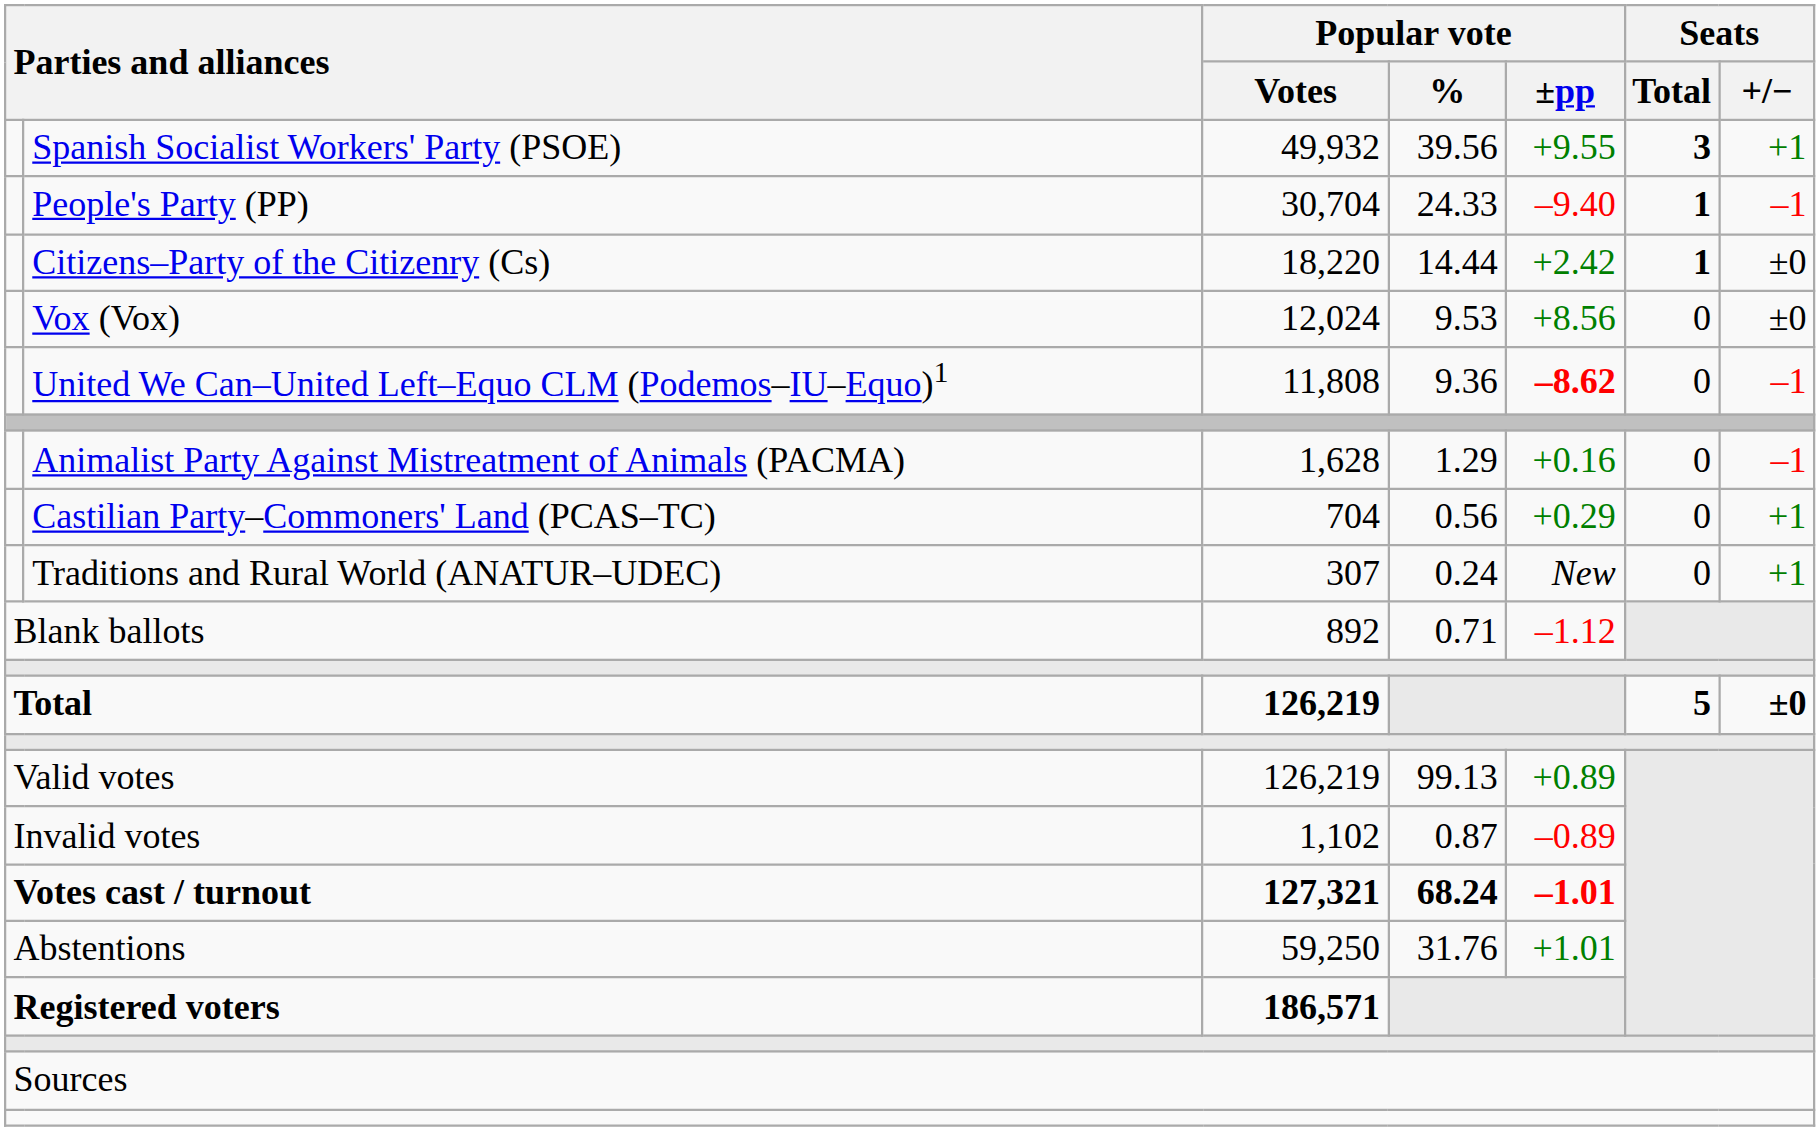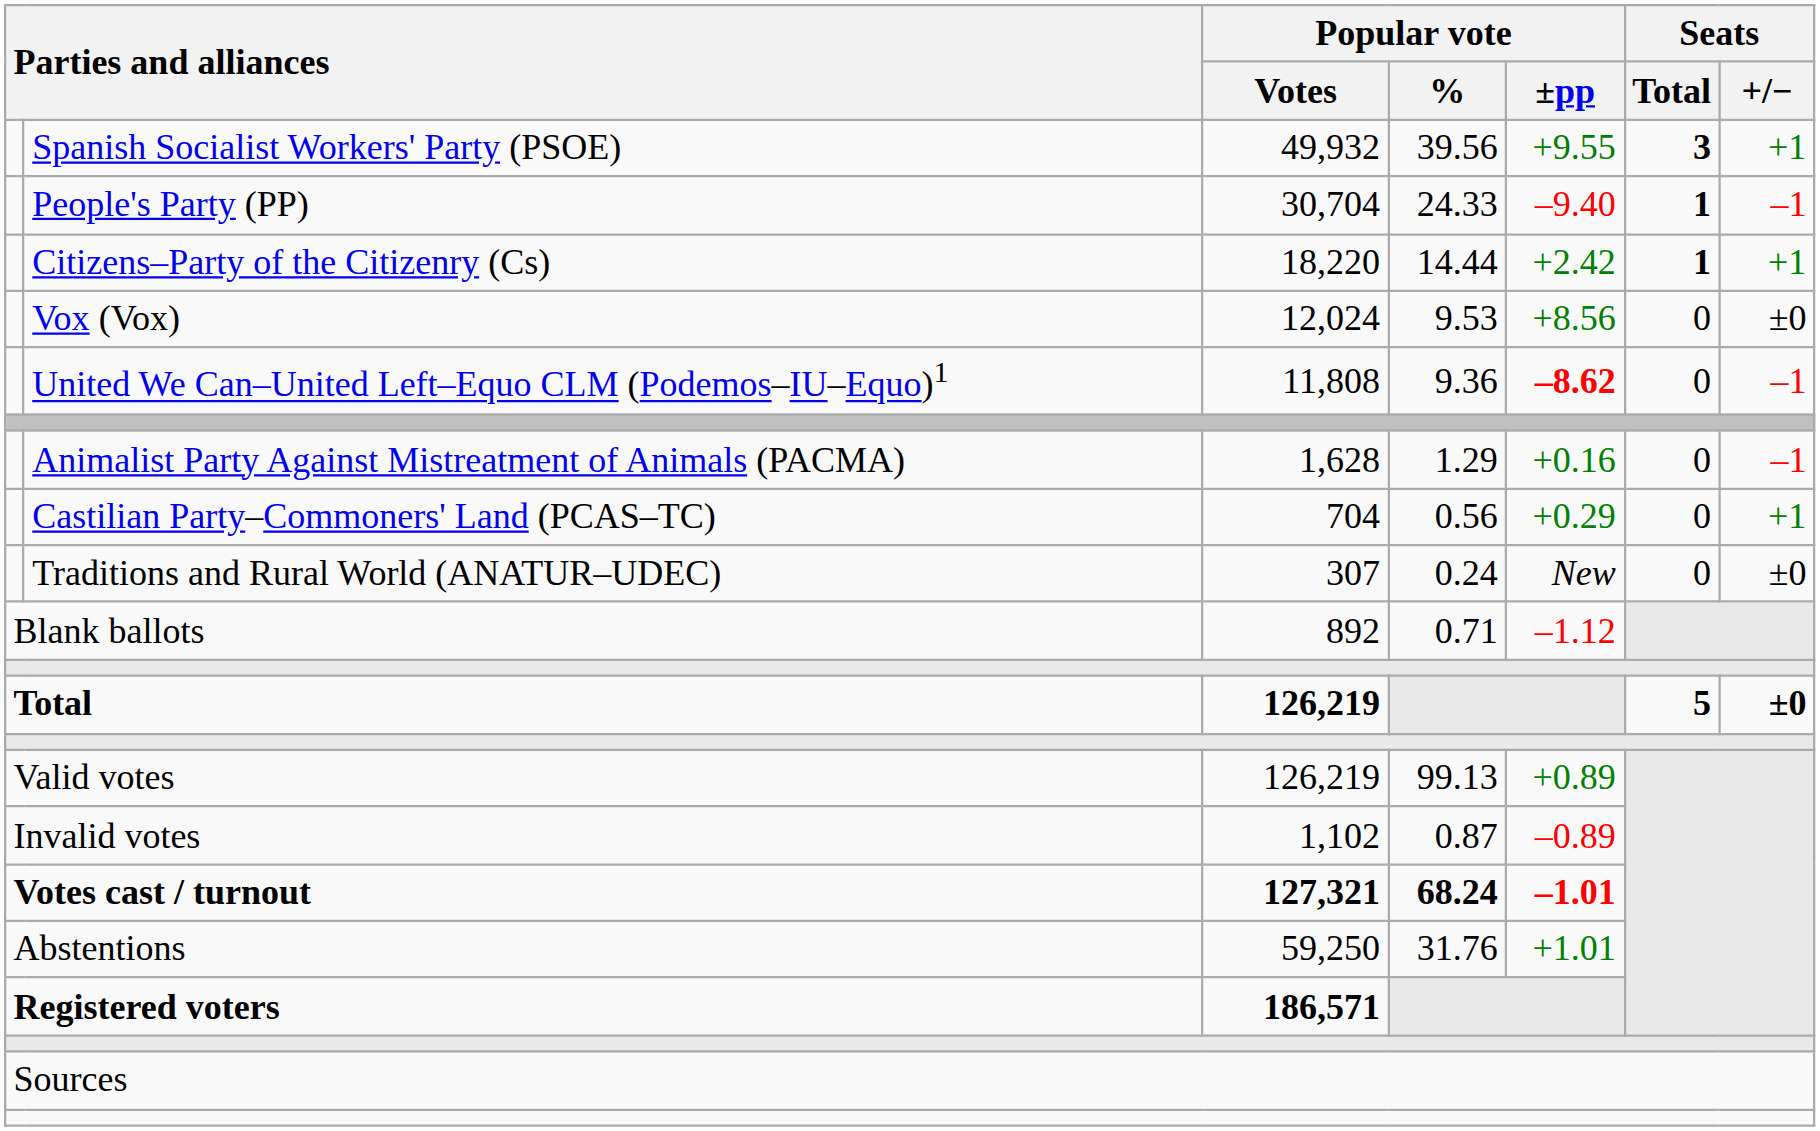 <table class="wikitable" style="text-align:right;">
 <tr>
 <th style="text-align:left;" rowspan="2" colspan="2" width="525">Parties and alliances</th>
 <th colspan="3">Popular vote</th>
 <th colspan="2">Seats</th>
 </tr>
 <tr>
 <th width="75">Votes</th>
 <th width="45">%</th>
 <th width="45">±<a href='#'>pp</a></th>
 <th width="35">Total</th>
 <th width="35">+/−</th>
 </tr>
 <tr>
 <td width="1" style="color:inherit;background:"></td>
 <td align="left"><a href='#'>Spanish Socialist Workers' Party</a> (PSOE)</td>
 <td>49,932</td>
 <td>39.56</td>
 <td style="color:green;">+9.55</td>
 <td><strong>3</strong></td>
 <td style="color:green;">+1</td>
 </tr>
 <tr>
 <td style="color:inherit;background:"></td>
 <td align="left"><a href='#'>People's Party</a> (PP)</td>
 <td>30,704</td>
 <td>24.33</td>
 <td style="color:red;">–9.40</td>
 <td><strong>1</strong></td>
 <td style="color:red;">–1</td>
 </tr>
 <tr>
 <td style="color:inherit;background:"></td>
 <td align="left"><a href='#'>Citizens–Party of the Citizenry</a> (Cs)</td>
 <td>18,220</td>
 <td>14.44</td>
 <td style="color:green;">+2.42</td>
 <td><strong>1</strong></td>
-<td>±0</td>
+<td style="color:green;">+1</td>
 </tr>
 <tr>
 <td style="color:inherit;background:"></td>
 <td align="left"><a href='#'>Vox</a> (Vox)</td>
 <td>12,024</td>
 <td>9.53</td>
 <td style="color:green;">+8.56</td>
 <td>0</td>
 <td>±0</td>
 </tr>
 <tr>
 <td style="color:inherit;background:"></td>
 <td align="left"><a href='#'>United We Can–United Left–Equo CLM</a> (<a href='#'>Podemos</a>–<a href='#'>IU</a>–<a href='#'>Equo</a>)<sup>1</sup></td>
 <td>11,808</td>
 <td>9.36</td>
 <td style="color:red;"><strong>–8.62</strong></td>
 <td>0</td>
 <td style="color:red;">–1</td>
 </tr>
 <tr>
 <td colspan="7" bgcolor="#C0C0C0"></td>
 </tr>
 <tr>
 <td style="color:inherit;background:"></td>
 <td align="left"><a href='#'>Animalist Party Against Mistreatment of Animals</a> (PACMA)</td>
 <td>1,628</td>
 <td>1.29</td>
 <td style="color:green;">+0.16</td>
 <td>0</td>
 <td style="color:red;">–1</td>
 </tr>
 <tr>
 <td style="color:inherit;background:"></td>
 <td align="left"><a href='#'>Castilian Party</a>–<a href='#'>Commoners' Land</a> (PCAS–TC)</td>
 <td>704</td>
 <td>0.56</td>
 <td style="color:green;">+0.29</td>
 <td>0</td>
 <td style="color:green;">+1</td>
 </tr>
 <tr>
 <td style="color:inherit;background:"></td>
 <td align="left">Traditions and Rural World (ANATUR–UDEC)</td>
 <td>307</td>
 <td>0.24</td>
 <td><em>New</em></td>
 <td>0</td>
-<td style="color:green;">+1</td>
+<td>±0</td>
 </tr>
 <tr>
 <td align="left" colspan="2">Blank ballots</td>
 <td>892</td>
 <td>0.71</td>
 <td style="color:red;">–1.12</td>
 <td bgcolor="#E9E9E9" colspan="2"></td>
 </tr>
 <tr>
 <td colspan="7" bgcolor="#E9E9E9"></td>
 </tr>
 <tr style="font-weight:bold;">
 <td align="left" colspan="2">Total</td>
 <td>126,219</td>
 <td bgcolor="#E9E9E9" colspan="2"></td>
 <td>5</td>
 <td>±0</td>
 </tr>
 <tr>
 <td colspan="7" bgcolor="#E9E9E9"></td>
 </tr>
 <tr>
 <td align="left" colspan="2">Valid votes</td>
 <td>126,219</td>
 <td>99.13</td>
 <td style="color:green;">+0.89</td>
 <td bgcolor="#E9E9E9" colspan="2" rowspan="5"></td>
 </tr>
 <tr>
 <td align="left" colspan="2">Invalid votes</td>
 <td>1,102</td>
 <td>0.87</td>
 <td style="color:red;">–0.89</td>
 </tr>
 <tr style="font-weight:bold;">
 <td align="left" colspan="2">Votes cast / turnout</td>
 <td>127,321</td>
 <td>68.24</td>
 <td style="color:red;">–1.01</td>
 </tr>
 <tr>
 <td align="left" colspan="2">Abstentions</td>
 <td>59,250</td>
 <td>31.76</td>
 <td style="color:green;">+1.01</td>
 </tr>
 <tr style="font-weight:bold;">
 <td align="left" colspan="2">Registered voters</td>
 <td>186,571</td>
 <td bgcolor="#E9E9E9" colspan="2"></td>
 </tr>
 <tr>
 <td colspan="7" bgcolor="#E9E9E9"></td>
 </tr>
 <tr>
 <td align="left" colspan="7">Sources</td>
 </tr>
 <tr>
 <td colspan="7" style="text-align:left; max-width:790px;"></td>
 </tr>
 </table>
